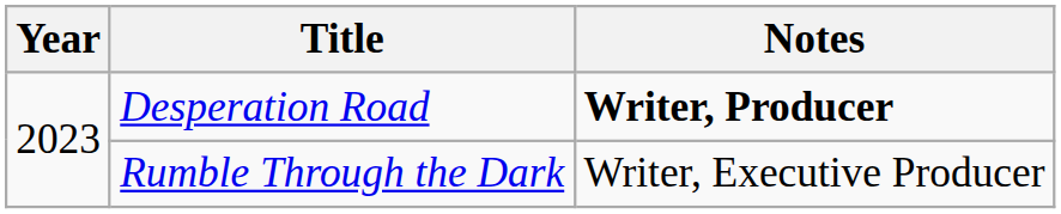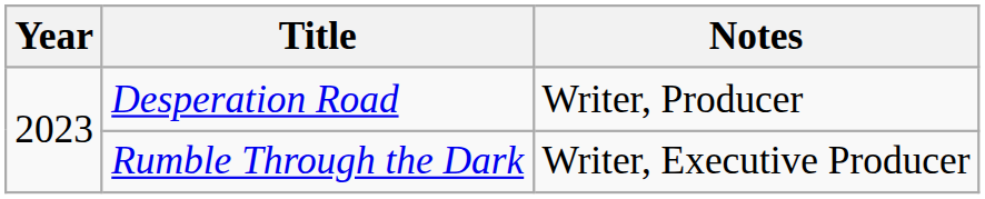 <table class="wikitable sortable">
 <tr>
 <th>Year</th>
 <th>Title</th>
 <th class="unsortable">Notes</th>
 </tr>
 <tr>
 <td rowspan="2">2023</td>
 <td><em><a href='#'>Desperation Road</a></em></td>
-<td><strong>Writer, Producer</strong></td>
+<td>Writer, Producer</td>
 </tr>
 <tr>
 <td><em><a href='#'>Rumble Through the Dark</a></em></td>
 <td>Writer, Executive Producer</td>
 </tr>
 </table>
